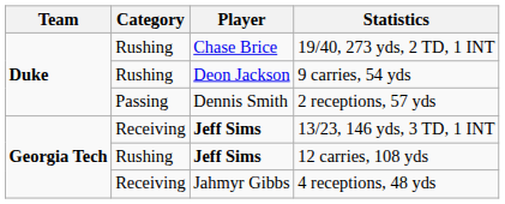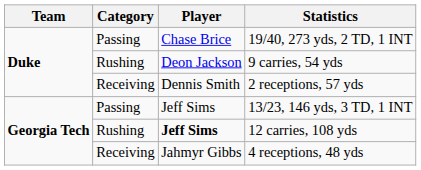 <table class="wikitable" style="float: right;">
 <tr>
 <th>Team</th>
 <th>Category</th>
 <th>Player</th>
 <th>Statistics</th>
 </tr>
 <tr>
 <td rowspan=3><strong>Duke</strong></td>
-<td>Rushing</td>
+<td>Passing</td>
 <td><a href='#'>Chase Brice</a></td>
 <td>19/40, 273 yds, 2 TD, 1 INT</td>
 </tr>
 <tr>
 <td>Rushing</td>
 <td><a href='#'>Deon Jackson</a></td>
 <td>9 carries, 54 yds</td>
 </tr>
 <tr>
-<td>Passing</td>
+<td>Receiving</td>
 <td>Dennis Smith</td>
 <td>2 receptions, 57 yds</td>
 </tr>
 <tr>
 <td rowspan=3><strong>Georgia Tech</strong></td>
-<td>Receiving</td>
-<td><strong>Jeff Sims</strong></td>
+<td>Passing</td>
+<td>Jeff Sims</td>
 <td>13/23, 146 yds, 3 TD, 1 INT</td>
 </tr>
 <tr>
 <td>Rushing</td>
 <td><strong>Jeff Sims</strong></td>
 <td>12 carries, 108 yds</td>
 </tr>
 <tr>
 <td>Receiving</td>
 <td>Jahmyr Gibbs</td>
 <td>4 receptions, 48 yds</td>
 </tr>
 </table>
